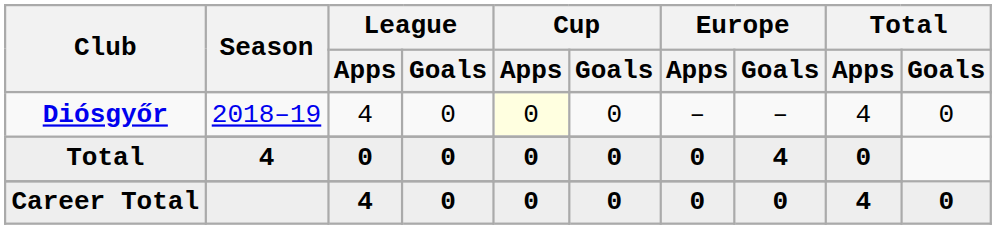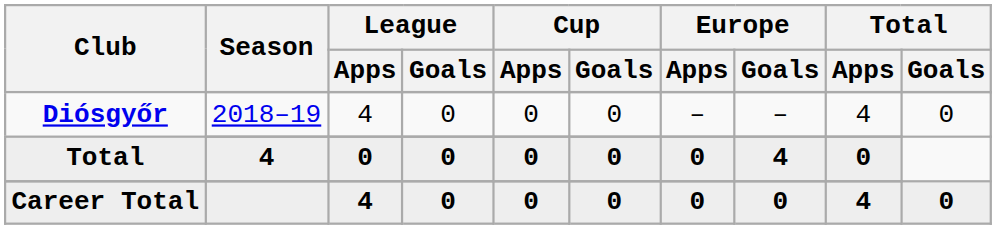 <table class="wikitable" style="font-size:90%; text-align: center;">
 <tr>
 <th rowspan="2">Club</th>
 <th rowspan="2">Season</th>
 <th colspan="2">League</th>
 <th colspan="2">Cup</th>
 <th colspan="2">Europe</th>
 <th colspan="2">Total</th>
 </tr>
 <tr>
 <th>Apps</th>
 <th>Goals</th>
 <th>Apps</th>
 <th>Goals</th>
 <th>Apps</th>
 <th>Goals</th>
 <th>Apps</th>
 <th>Goals</th>
 </tr>
 <tr ||-||-||-|->
 <td rowspan="3" valign="center"><strong><a href='#'>Diósgyőr</a></strong></td>
 </tr>
 <tr>
 <td><a href='#'>2018–19</a></td>
 <td>4</td>
 <td>0</td>
-<td style="background: lightyellow;">0</td>
+<td>0</td>
 <td>0</td>
 <td>–</td>
 <td>–</td>
 <td>4</td>
 <td>0</td>
 </tr>
 <tr>
 </tr>
 <tr style="font-weight:bold; background-color:#eeeeee;">
 <td>Total</td>
 <td>4</td>
 <td>0</td>
 <td>0</td>
 <td>0</td>
 <td>0</td>
 <td>0</td>
 <td>4</td>
 <td>0</td>
 </tr>
 <tr>
 </tr>
 <tr style="font-weight:bold; background-color:#eeeeee;">
 <td rowspan="2" valign="top"><strong>Career Total</strong></td>
 <td></td>
 <td><strong>4</strong></td>
 <td><strong>0</strong></td>
 <td><strong>0</strong></td>
 <td><strong>0</strong></td>
 <td><strong>0</strong></td>
 <td><strong>0</strong></td>
 <td><strong>4</strong></td>
 <td><strong>0</strong></td>
 </tr>
 </table>
